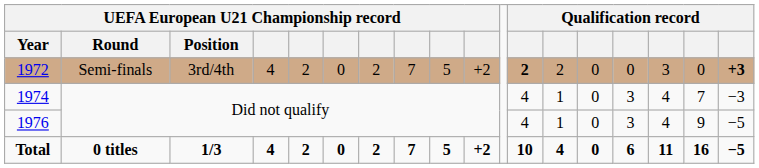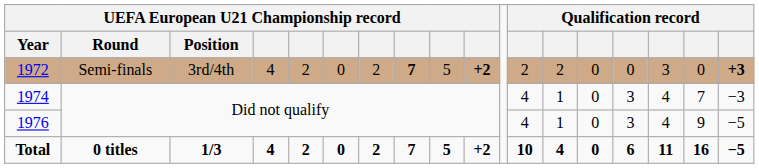 <table class=wikitable style="text-align: center; font-size: 90%;">
 <tr>
 <th colspan=10>UEFA European U21 Championship record</th>
 <td width = 1% rowspan=6></td>
 <th colspan=7>Qualification record</th>
 </tr>
 <tr>
 <th>Year</th>
 <th>Round</th>
 <th>Position</th>
 <th width=25></th>
 <th width=25></th>
 <th width=25></th>
 <th width=25></th>
 <th width=25></th>
 <th width=25></th>
 <th width=25></th>
 <th width=25></th>
 <th width=25></th>
 <th width=25></th>
 <th width=25></th>
 <th width=25></th>
 <th width=25></th>
 <th width=25></th>
 </tr>
 <tr style="background-color:#cfaa88;">
 <td><a href='#'>1972</a></td>
 <td>Semi-finals</td>
 <td>3rd/4th</td>
 <td>4</td>
 <td>2</td>
 <td>0</td>
 <td>2</td>
-<td>7</td>
+<td><strong>7</strong></td>
 <td>5</td>
-<td>+2</td>
-<td><strong>2</strong></td>
+<td><strong>+2</strong></td>
+<td>2</td>
 <td>2</td>
 <td>0</td>
 <td>0</td>
 <td>3</td>
 <td>0</td>
 <td><strong>+3</strong></td>
 </tr>
 <tr>
 <td><a href='#'>1974</a></td>
 <td rowspan=2 colspan=9>Did not qualify</td>
 <td>4</td>
 <td>1</td>
 <td>0</td>
 <td>3</td>
 <td>4</td>
 <td>7</td>
 <td>−3</td>
 </tr>
 <tr>
 <td><a href='#'>1976</a></td>
 <td>4</td>
 <td>1</td>
 <td>0</td>
 <td>3</td>
 <td>4</td>
 <td>9</td>
 <td>−5</td>
 </tr>
 <tr>
 <td><strong>Total</strong></td>
 <td><strong>0 titles</strong></td>
 <td><strong>1/3</strong></td>
 <td><strong>4</strong></td>
 <td><strong>2</strong></td>
 <td><strong>0</strong></td>
 <td><strong>2</strong></td>
 <td><strong>7</strong></td>
 <td><strong>5</strong></td>
 <td><strong>+2</strong></td>
 <td><strong>10</strong></td>
 <td><strong>4</strong></td>
 <td><strong>0</strong></td>
 <td><strong>6</strong></td>
 <td><strong>11</strong></td>
 <td><strong>16</strong></td>
 <td><strong>−5</strong></td>
 </tr>
 </table>
